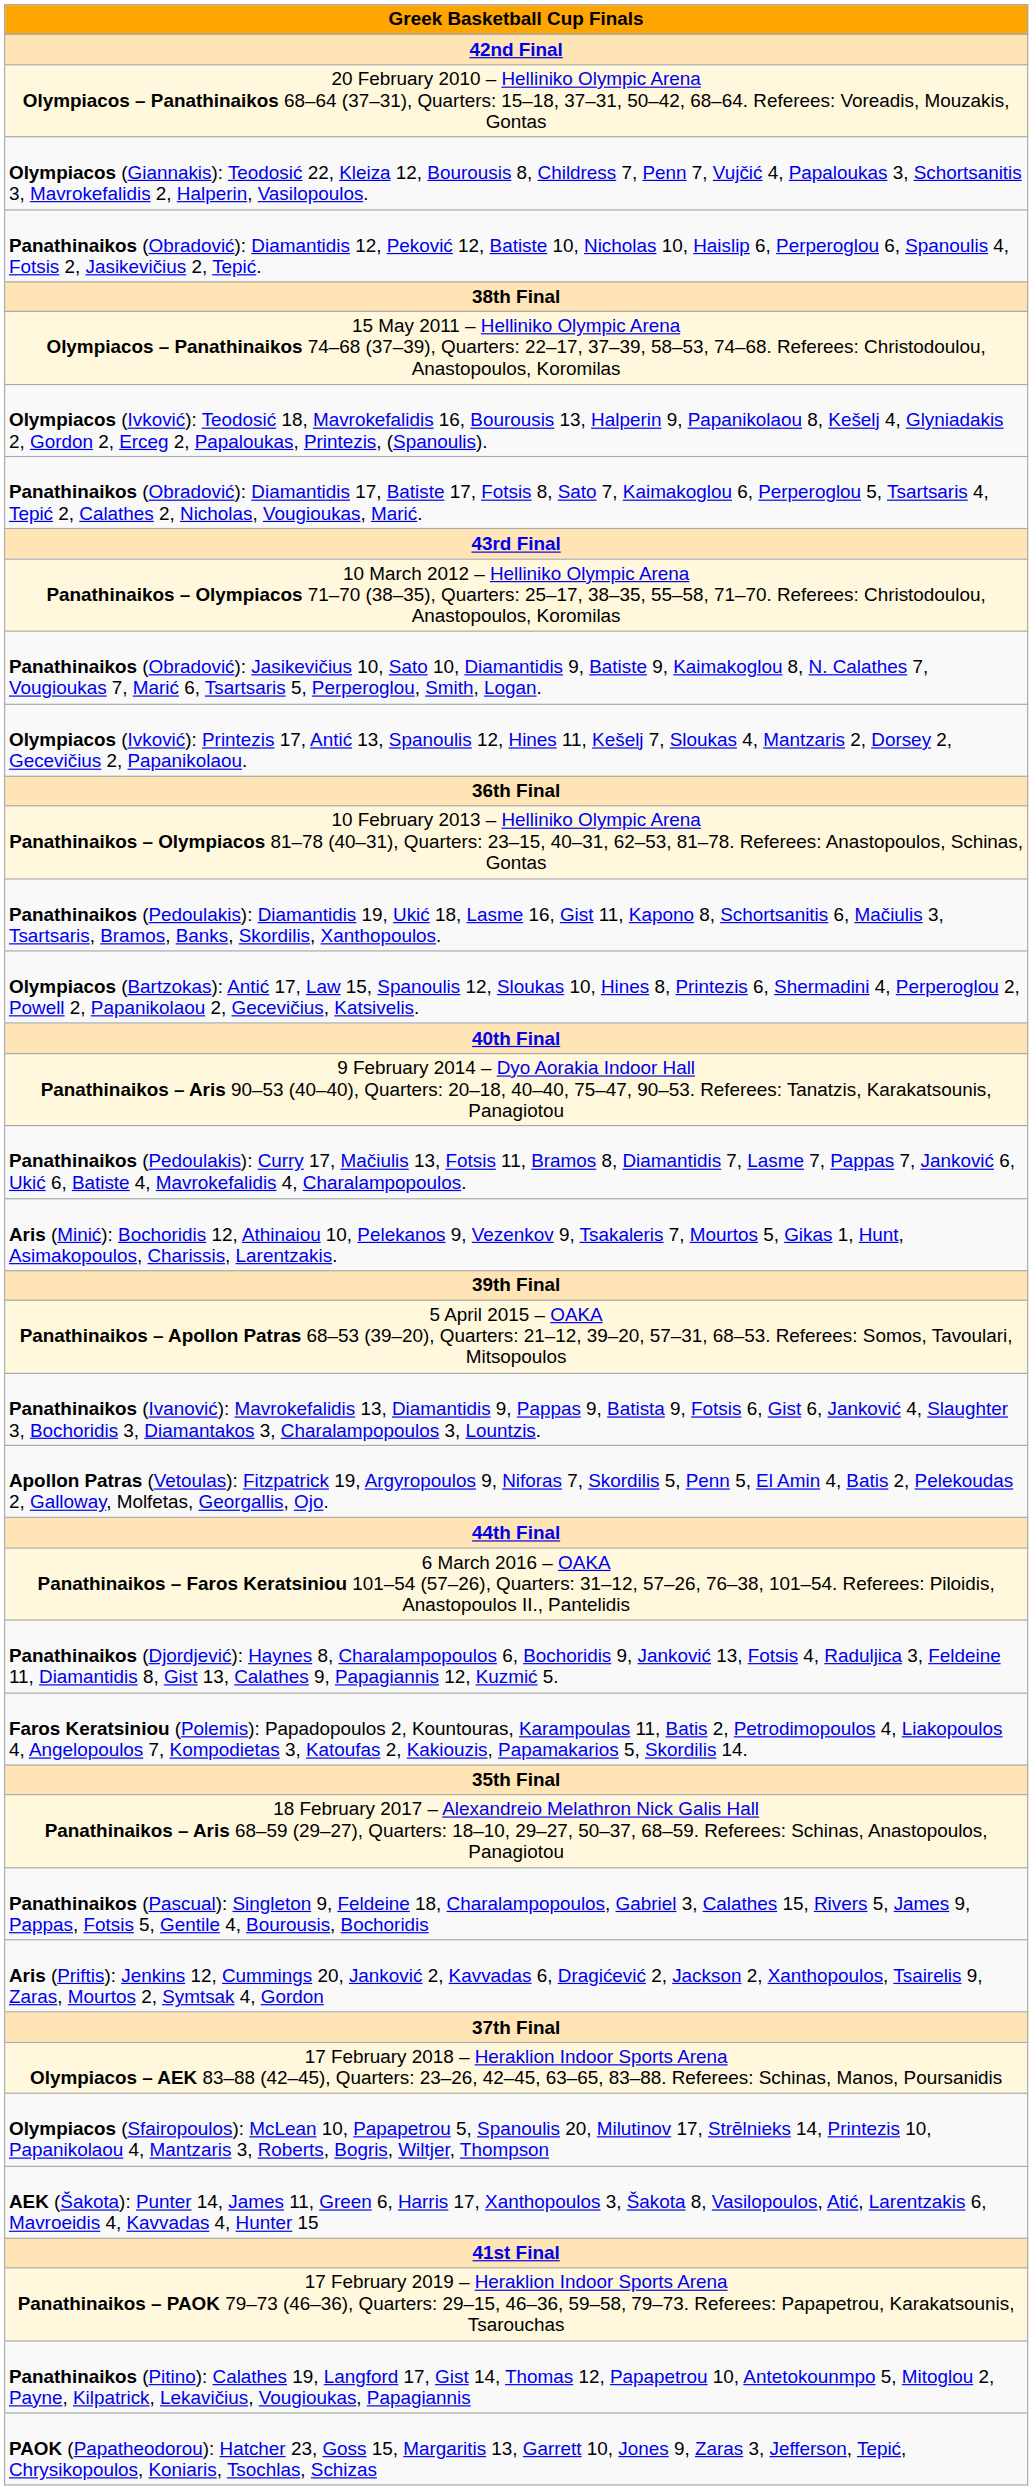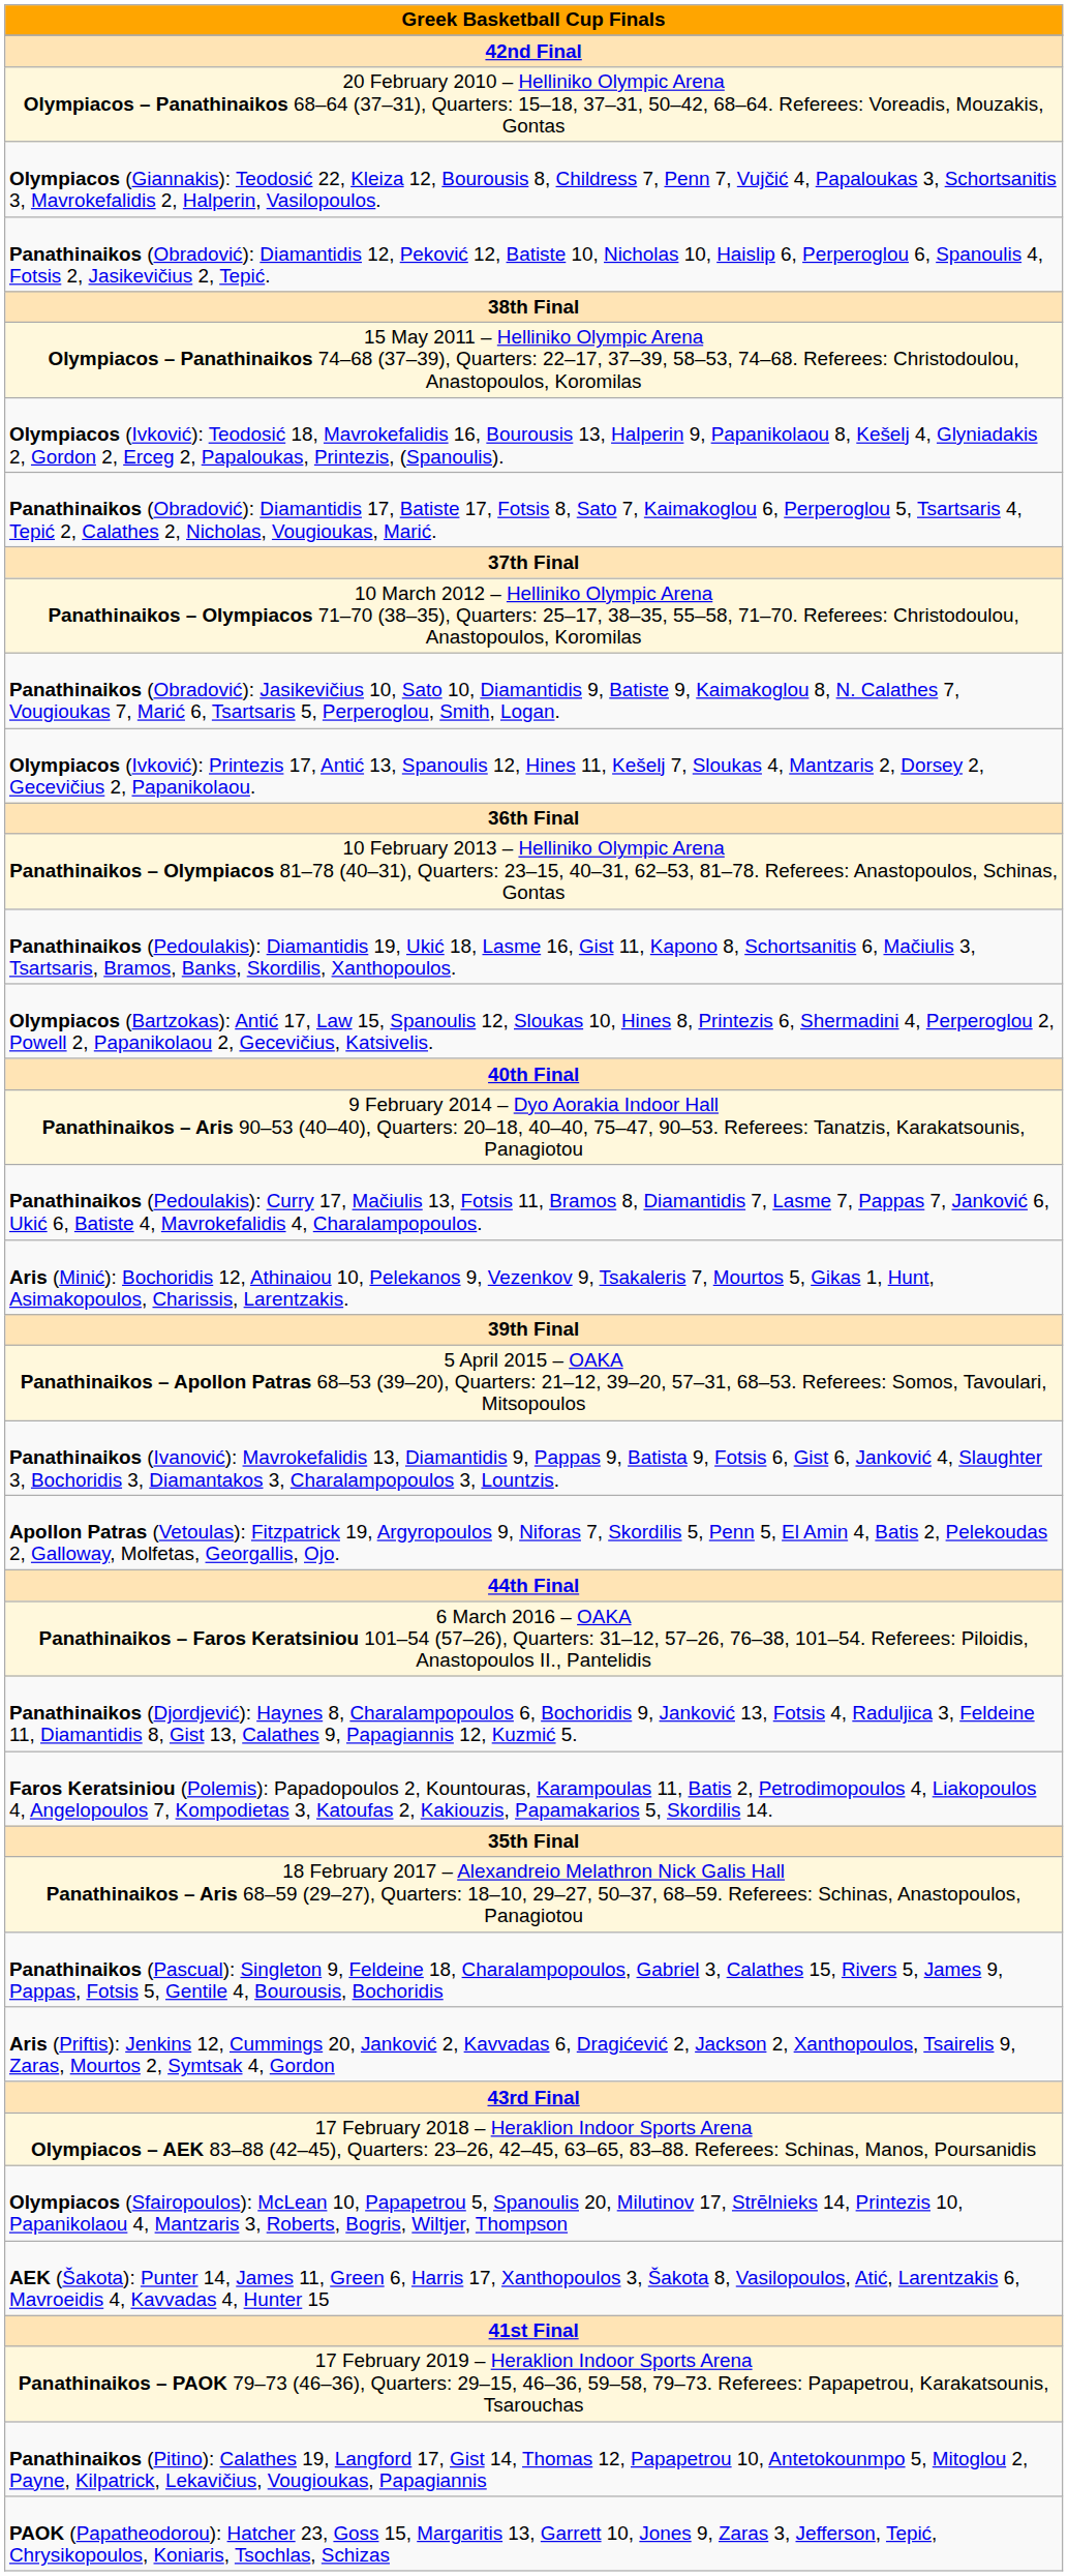 <table class="wikitable">
 <tr>
 <td align="center" bgcolor= #ffa500><strong>Greek Basketball Cup Finals</strong></td>
 </tr>
 <tr>
 </tr>
 <tr>
 <td align="center" bgcolor= #ffe4b5> <strong> <a href='#'>42nd Final</a> </strong></td>
 </tr>
 <tr>
 <td align="center" bgcolor= #fff8dc>20 February 2010 – <a href='#'>Helliniko Olympic Arena</a><br><strong>Olympiacos – Panathinaikos </strong> 68–64 (37–31), Quarters: 15–18, 37–31, 50–42, 68–64.  Referees: Voreadis, Mouzakis, Gontas</td>
 </tr>
 <tr>
 <td><br><strong>Olympiacos</strong> (<a href='#'>Giannakis</a>): <a href='#'>Teodosić</a> 22, <a href='#'>Kleiza</a> 12, <a href='#'>Bourousis</a> 8, <a href='#'>Childress</a> 7, <a href='#'>Penn</a> 7, <a href='#'>Vujčić</a> 4, <a href='#'>Papaloukas</a> 3, <a href='#'>Schortsanitis</a> 3, <a href='#'>Mavrokefalidis</a> 2, <a href='#'>Halperin</a>, <a href='#'>Vasilopoulos</a>.</td>
 </tr>
 <tr>
 <td><br><strong>Panathinaikos</strong> (<a href='#'>Obradović</a>): <a href='#'>Diamantidis</a> 12, <a href='#'>Peković</a> 12, <a href='#'>Batiste</a> 10, <a href='#'>Nicholas</a> 10, <a href='#'>Haislip</a> 6, <a href='#'>Perperoglou</a> 6, <a href='#'>Spanoulis</a> 4, <a href='#'>Fotsis</a> 2, <a href='#'>Jasikevičius</a> 2, <a href='#'>Tepić</a>.</td>
 </tr>
 <tr>
 <td align="center" bgcolor= #ffe4b5> <strong> 38th Final </strong></td>
 </tr>
 <tr>
 <td align="center" bgcolor= #fff8dc>15 May 2011 – <a href='#'>Helliniko Olympic Arena</a><br><strong>Olympiacos – Panathinaikos </strong> 74–68 (37–39), Quarters: 22–17, 37–39, 58–53, 74–68.  Referees: Christodoulou, Anastopoulos, Koromilas</td>
 </tr>
 <tr>
 <td><br><strong>Olympiacos</strong> (<a href='#'>Ivković</a>): <a href='#'>Teodosić</a> 18, <a href='#'>Mavrokefalidis</a> 16, <a href='#'>Bourousis</a> 13, <a href='#'>Halperin</a> 9, <a href='#'>Papanikolaou</a> 8, <a href='#'>Kešelj</a> 4, <a href='#'>Glyniadakis</a> 2, <a href='#'>Gordon</a> 2, <a href='#'>Erceg</a> 2, <a href='#'>Papaloukas</a>, <a href='#'>Printezis</a>, (<a href='#'>Spanoulis</a>).</td>
 </tr>
 <tr>
 <td><br><strong>Panathinaikos</strong> (<a href='#'>Obradović</a>): <a href='#'>Diamantidis</a> 17, <a href='#'>Batiste</a> 17, <a href='#'>Fotsis</a> 8, <a href='#'>Sato</a> 7, <a href='#'>Kaimakoglou</a> 6, <a href='#'>Perperoglou</a> 5, <a href='#'>Tsartsaris</a> 4, <a href='#'>Tepić</a> 2, <a href='#'>Calathes</a> 2, <a href='#'>Nicholas</a>, <a href='#'>Vougioukas</a>, <a href='#'>Marić</a>.</td>
 </tr>
 <tr>
-<td align="center" bgcolor= #ffe4b5> <strong> <a href='#'>43rd Final</a> </strong></td>
+<td align="center" bgcolor= #ffe4b5> <strong> 37th Final </strong></td>
 </tr>
 <tr>
 <td align="center" bgcolor= #fff8dc>10 March 2012 – <a href='#'>Helliniko Olympic Arena</a><br><strong>Panathinaikos – Olympiacos</strong> 71–70 (38–35), Quarters: 25–17, 38–35, 55–58, 71–70.  Referees: Christodoulou, Anastopoulos, Koromilas</td>
 </tr>
 <tr>
 <td><br><strong>Panathinaikos</strong> (<a href='#'>Obradović</a>): <a href='#'>Jasikevičius</a> 10, <a href='#'>Sato</a> 10, <a href='#'>Diamantidis</a> 9, <a href='#'>Batiste</a> 9, <a href='#'>Kaimakoglou</a> 8, <a href='#'>N. Calathes</a> 7, <a href='#'>Vougioukas</a> 7, <a href='#'>Marić</a> 6, <a href='#'>Tsartsaris</a> 5, <a href='#'>Perperoglou</a>, <a href='#'>Smith</a>, <a href='#'>Logan</a>.</td>
 </tr>
 <tr>
 <td><br><strong>Olympiacos</strong> (<a href='#'>Ivković</a>): <a href='#'>Printezis</a> 17, <a href='#'>Antić</a> 13, <a href='#'>Spanoulis</a> 12, <a href='#'>Hines</a> 11, <a href='#'>Kešelj</a> 7, <a href='#'>Sloukas</a> 4, <a href='#'>Mantzaris</a> 2, <a href='#'>Dorsey</a> 2, <a href='#'>Gecevičius</a> 2, <a href='#'>Papanikolaou</a>.</td>
 </tr>
 <tr>
 <td align="center" bgcolor= #ffe4b5><strong> 36th Final </strong></td>
 </tr>
 <tr>
 <td align="center" bgcolor= #fff8dc>10 February 2013 – <a href='#'>Helliniko Olympic Arena</a><br><strong>Panathinaikos – Olympiacos</strong> 81–78 (40–31), Quarters: 23–15, 40–31, 62–53, 81–78.  Referees: Anastopoulos, Schinas, Gontas</td>
 </tr>
 <tr>
 <td><br><strong>Panathinaikos</strong> (<a href='#'>Pedoulakis</a>): <a href='#'>Diamantidis</a> 19, <a href='#'>Ukić</a> 18, <a href='#'>Lasme</a> 16, <a href='#'>Gist</a> 11, <a href='#'>Kapono</a> 8, <a href='#'>Schortsanitis</a> 6, <a href='#'>Mačiulis</a> 3, <a href='#'>Tsartsaris</a>, <a href='#'>Bramos</a>, <a href='#'>Banks</a>, <a href='#'>Skordilis</a>, <a href='#'>Xanthopoulos</a>.</td>
 </tr>
 <tr>
 <td><br><strong>Olympiacos</strong> (<a href='#'>Bartzokas</a>): <a href='#'>Antić</a> 17, <a href='#'>Law</a> 15, <a href='#'>Spanoulis</a> 12, <a href='#'>Sloukas</a> 10, <a href='#'>Hines</a> 8, <a href='#'>Printezis</a> 6, <a href='#'>Shermadini</a> 4, <a href='#'>Perperoglou</a> 2, <a href='#'>Powell</a> 2, <a href='#'>Papanikolaou</a> 2, <a href='#'>Gecevičius</a>, <a href='#'>Katsivelis</a>.</td>
 </tr>
 <tr>
 <td align="center" bgcolor= #ffe4b5> <strong> <a href='#'>40th Final</a> </strong></td>
 </tr>
 <tr>
 <td align="center" bgcolor= #fff8dc>9 February 2014 – <a href='#'>Dyo Aorakia Indoor Hall</a><br><strong>Panathinaikos – Aris</strong> 90–53 (40–40), Quarters: 20–18, 40–40, 75–47, 90–53.  Referees: Tanatzis, Karakatsounis, Panagiotou</td>
 </tr>
 <tr>
 <td><br><strong>Panathinaikos</strong> (<a href='#'>Pedoulakis</a>): <a href='#'>Curry</a> 17, <a href='#'>Mačiulis</a> 13, <a href='#'>Fotsis</a> 11, <a href='#'>Bramos</a> 8, <a href='#'>Diamantidis</a> 7, <a href='#'>Lasme</a> 7, <a href='#'>Pappas</a> 7, <a href='#'>Janković</a> 6, <a href='#'>Ukić</a> 6, <a href='#'>Batiste</a> 4, <a href='#'>Mavrokefalidis</a> 4, <a href='#'>Charalampopoulos</a>.</td>
 </tr>
 <tr>
 <td><br><strong>Aris</strong> (<a href='#'>Minić</a>): <a href='#'>Bochoridis</a> 12, <a href='#'>Athinaiou</a> 10, <a href='#'>Pelekanos</a> 9, <a href='#'>Vezenkov</a> 9, <a href='#'>Tsakaleris</a> 7, <a href='#'>Mourtos</a> 5, <a href='#'>Gikas</a> 1, <a href='#'>Hunt</a>, <a href='#'>Asimakopoulos</a>, <a href='#'>Charissis</a>, <a href='#'>Larentzakis</a>.</td>
 </tr>
 <tr>
 <td align="center" bgcolor= #ffe4b5> <strong> 39th Final </strong></td>
 </tr>
 <tr>
 <td align="center" bgcolor= #fff8dc>5 April 2015 – <a href='#'>OAKA</a><br><strong>Panathinaikos – Apollon Patras</strong> 68–53 (39–20), Quarters: 21–12, 39–20, 57–31, 68–53.  Referees: Somos, Tavoulari, Mitsopoulos</td>
 </tr>
 <tr>
 <td><br><strong>Panathinaikos</strong> (<a href='#'>Ivanović</a>): <a href='#'>Mavrokefalidis</a> 13, <a href='#'>Diamantidis</a> 9, <a href='#'>Pappas</a> 9, <a href='#'>Batista</a> 9, <a href='#'>Fotsis</a> 6, <a href='#'>Gist</a> 6, <a href='#'>Janković</a> 4, <a href='#'>Slaughter</a> 3, <a href='#'>Bochoridis</a> 3, <a href='#'>Diamantakos</a> 3, <a href='#'>Charalampopoulos</a> 3, <a href='#'>Lountzis</a>.</td>
 </tr>
 <tr>
 <td><br><strong>Apollon Patras</strong> (<a href='#'>Vetoulas</a>): <a href='#'>Fitzpatrick</a> 19, <a href='#'>Argyropoulos</a> 9, <a href='#'>Niforas</a> 7, <a href='#'>Skordilis</a> 5, <a href='#'>Penn</a> 5, <a href='#'>El Amin</a> 4, <a href='#'>Batis</a> 2, <a href='#'>Pelekoudas</a> 2, <a href='#'>Galloway</a>, Molfetas, <a href='#'>Georgallis</a>, <a href='#'>Ojo</a>.</td>
 </tr>
 <tr>
 <td align="center" bgcolor= #ffe4b5> <strong> <a href='#'>44th Final</a> </strong></td>
 </tr>
 <tr>
 <td align="center" bgcolor= #fff8dc>6 March 2016 – <a href='#'>OAKA</a><br><strong>Panathinaikos – Faros Keratsiniou</strong> 101–54 (57–26), Quarters: 31–12, 57–26, 76–38, 101–54.  Referees: Piloidis, Anastopoulos II., Pantelidis</td>
 </tr>
 <tr>
 <td><br><strong>Panathinaikos</strong> (<a href='#'>Djordjević</a>): <a href='#'>Haynes</a> 8, <a href='#'>Charalampopoulos</a> 6, <a href='#'>Bochoridis</a> 9, <a href='#'>Janković</a> 13, <a href='#'>Fotsis</a> 4, <a href='#'>Raduljica</a> 3, <a href='#'>Feldeine</a> 11, <a href='#'>Diamantidis</a> 8, <a href='#'>Gist</a> 13, <a href='#'>Calathes</a> 9, <a href='#'>Papagiannis</a> 12, <a href='#'>Kuzmić</a> 5.</td>
 </tr>
 <tr>
 <td><br><strong>Faros Keratsiniou</strong> (<a href='#'>Polemis</a>): Papadopoulos 2, Kountouras, <a href='#'>Karampoulas</a> 11, <a href='#'>Batis</a> 2, <a href='#'>Petrodimopoulos</a> 4, <a href='#'>Liakopoulos</a> 4, <a href='#'>Angelopoulos</a> 7, <a href='#'>Kompodietas</a> 3, <a href='#'>Katoufas</a> 2, <a href='#'>Kakiouzis</a>, <a href='#'>Papamakarios</a> 5, <a href='#'>Skordilis</a> 14.</td>
 </tr>
 <tr>
 <td align="center" bgcolor= #ffe4b5><strong> 35th Final </strong></td>
 </tr>
 <tr>
 <td align="center" bgcolor= #fff8dc>18 February 2017 – <a href='#'>Alexandreio Melathron Nick Galis Hall</a><br><strong>Panathinaikos – Aris</strong> 68–59 (29–27), Quarters: 18–10, 29–27, 50–37, 68–59.  Referees: Schinas, Anastopoulos, Panagiotou</td>
 </tr>
 <tr>
 <td><br><strong>Panathinaikos</strong> (<a href='#'>Pascual</a>): <a href='#'>Singleton</a> 9, <a href='#'>Feldeine</a> 18, <a href='#'>Charalampopoulos</a>, <a href='#'>Gabriel</a> 3, <a href='#'>Calathes</a> 15, <a href='#'>Rivers</a> 5, <a href='#'>James</a> 9, <a href='#'>Pappas</a>, <a href='#'>Fotsis</a> 5, <a href='#'>Gentile</a> 4, <a href='#'>Bourousis</a>, <a href='#'>Bochoridis</a></td>
 </tr>
 <tr>
 <td><br><strong>Aris</strong> (<a href='#'>Priftis</a>): <a href='#'>Jenkins</a> 12, <a href='#'>Cummings</a> 20, <a href='#'>Janković</a> 2, <a href='#'>Kavvadas</a> 6, <a href='#'>Dragićević</a> 2, <a href='#'>Jackson</a> 2, <a href='#'>Xanthopoulos</a>, <a href='#'>Tsairelis</a> 9, <a href='#'>Zaras</a>, <a href='#'>Mourtos</a> 2, <a href='#'>Symtsak</a> 4, <a href='#'>Gordon</a></td>
 </tr>
 <tr>
-<td align="center" bgcolor= #ffe4b5> <strong> 37th Final </strong></td>
+<td align="center" bgcolor= #ffe4b5> <strong> <a href='#'>43rd Final</a> </strong></td>
 </tr>
 <tr>
 <td align="center" bgcolor= #fff8dc>17 February 2018 – <a href='#'>Heraklion Indoor Sports Arena</a><br><strong>Olympiacos – AEK</strong> 83–88 (42–45), Quarters: 23–26, 42–45, 63–65, 83–88.  Referees: Schinas, Manos, Poursanidis</td>
 </tr>
 <tr>
 <td><br><strong>Olympiacos</strong> (<a href='#'>Sfairopoulos</a>): <a href='#'>McLean</a> 10, <a href='#'>Papapetrou</a> 5, <a href='#'>Spanoulis</a> 20, <a href='#'>Milutinov</a> 17, <a href='#'>Strēlnieks</a> 14, <a href='#'>Printezis</a> 10, <a href='#'>Papanikolaou</a> 4, <a href='#'>Mantzaris</a> 3, <a href='#'>Roberts</a>, <a href='#'>Bogris</a>, <a href='#'>Wiltjer</a>, <a href='#'>Thompson</a></td>
 </tr>
 <tr>
 <td><br><strong>AEK</strong> (<a href='#'>Šakota</a>): <a href='#'>Punter</a> 14, <a href='#'>James</a> 11, <a href='#'>Green</a> 6, <a href='#'>Harris</a> 17, <a href='#'>Xanthopoulos</a> 3, <a href='#'>Šakota</a> 8, <a href='#'>Vasilopoulos</a>, <a href='#'>Atić</a>, <a href='#'>Larentzakis</a> 6, <a href='#'>Mavroeidis</a> 4, <a href='#'>Kavvadas</a> 4, <a href='#'>Hunter</a> 15</td>
 </tr>
 <tr>
 <td align="center" bgcolor= #ffe4b5> <strong> <a href='#'>41st Final</a> </strong></td>
 </tr>
 <tr>
 <td align="center" bgcolor= #fff8dc>17 February 2019 – <a href='#'>Heraklion Indoor Sports Arena</a><br><strong>Panathinaikos – PAOK</strong> 79–73 (46–36), Quarters: 29–15, 46–36, 59–58, 79–73.  Referees: Papapetrou, Karakatsounis, Tsarouchas</td>
 </tr>
 <tr>
 <td><br><strong>Panathinaikos</strong> (<a href='#'>Pitino</a>): <a href='#'>Calathes</a> 19, <a href='#'>Langford</a> 17, <a href='#'>Gist</a> 14, <a href='#'>Thomas</a> 12, <a href='#'>Papapetrou</a> 10, <a href='#'>Antetokounmpo</a> 5, <a href='#'>Mitoglou</a> 2, <a href='#'>Payne</a>, <a href='#'>Kilpatrick</a>, <a href='#'>Lekavičius</a>, <a href='#'>Vougioukas</a>, <a href='#'>Papagiannis</a></td>
 </tr>
 <tr>
 <td><br><strong>PAOK</strong> (<a href='#'>Papatheodorou</a>): <a href='#'>Hatcher</a> 23, <a href='#'>Goss</a> 15, <a href='#'>Margaritis</a> 13, <a href='#'>Garrett</a> 10, <a href='#'>Jones</a> 9, <a href='#'>Zaras</a> 3, <a href='#'>Jefferson</a>, <a href='#'>Tepić</a>, <a href='#'>Chrysikopoulos</a>, <a href='#'>Koniaris</a>, <a href='#'>Tsochlas</a>, <a href='#'>Schizas</a></td>
 </tr>
 </table>
